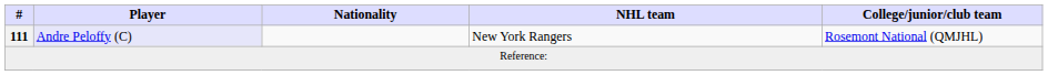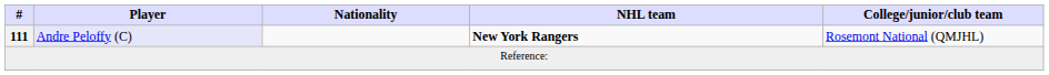 <table class="wikitable" style="width: 100%">
 <tr>
 <th style="background:#ddf; width:2.75%;">#</th>
 <th style="background:#ddf; width:22.0%;">Player</th>
 <th style="background:#ddf; width:20.0%;">Nationality</th>
 <th style="background:#ddf; width:34.0%;">NHL team</th>
 <th style="background:#ddf; width:100.0%;">College/junior/club team</th>
 </tr>
 <tr>
 <th>111</th>
 <td style="background: lavender;"><a href='#'>Andre Peloffy</a> (C)</td>
 <td></td>
-<td>New York Rangers</td>
+<td><strong>New York Rangers</strong></td>
 <td><a href='#'>Rosemont National</a> (QMJHL)</td>
 </tr>
 <tr>
 <td align=center colspan="6" bgcolor="#efefef"><sup>Reference: </sup></td>
 </tr>
 </table>
